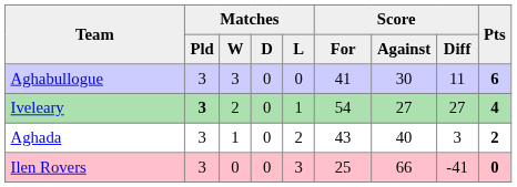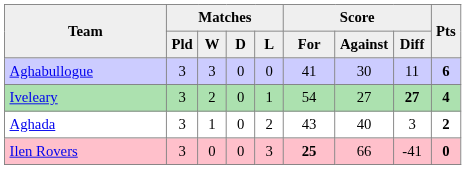 <table style=border-collapse:collapse border=1 cellspacing=0 cellpadding=5>
 <tr align=center bgcolor=#efefef>
 <th rowspan=2 width=165>Team</th>
 <th colspan=4>Matches</th>
 <th colspan=3>Score</th>
 <th rowspan=2width=20>Pts</th>
 </tr>
 <tr align=center bgcolor=#efefef>
 <th width=20>Pld</th>
 <th width=20>W</th>
 <th width=20>D</th>
 <th width=20>L</th>
 <th width=45>For</th>
 <th width=45>Against</th>
 <th width=30>Diff</th>
 </tr>
 <tr align=center style="background:#ccccff;">
 <td style="text-align:left;"><a href='#'>Aghabullogue</a></td>
 <td>3</td>
 <td>3</td>
 <td>0</td>
 <td>0</td>
 <td>41</td>
 <td>30</td>
 <td>11</td>
 <td><strong>6</strong></td>
 </tr>
 <tr align=center style="background:#ACE1AF;">
 <td style="text-align:left;"><a href='#'>Iveleary</a></td>
-<td><strong>3</strong></td>
+<td>3</td>
 <td>2</td>
 <td>0</td>
 <td>1</td>
 <td>54</td>
 <td>27</td>
-<td>27</td>
+<td><strong>27</strong></td>
 <td><strong>4</strong></td>
 </tr>
 <tr align=center>
 <td style="text-align:left;"><a href='#'>Aghada</a></td>
 <td>3</td>
 <td>1</td>
 <td>0</td>
 <td>2</td>
 <td>43</td>
 <td>40</td>
 <td>3</td>
 <td><strong>2</strong></td>
 </tr>
 <tr align=center style="background:#FFC0CB;">
 <td style="text-align:left;"><a href='#'>Ilen Rovers</a></td>
 <td>3</td>
 <td>0</td>
 <td>0</td>
 <td>3</td>
-<td>25</td>
+<td><strong>25</strong></td>
 <td>66</td>
 <td>-41</td>
 <td><strong>0</strong></td>
 </tr>
 </table>
